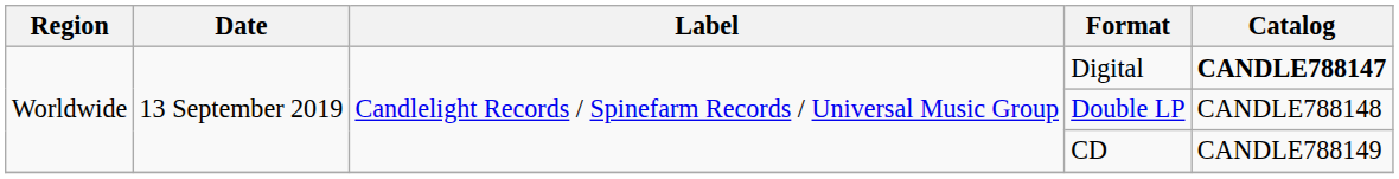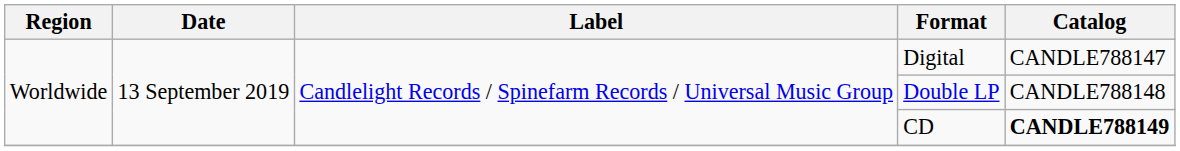 <table class="wikitable" summary="Sunless has been released several times since 2019, across a variety of media and markets">
 <tr>
 <th scope="col">Region</th>
 <th scope="col">Date</th>
 <th scope="col">Label</th>
 <th scope="col">Format</th>
 <th scope="col">Catalog</th>
 </tr>
 <tr>
 <td rowspan="3">Worldwide</td>
 <td rowspan="3">13 September 2019</td>
 <td rowspan="3"><a href='#'>Candlelight Records</a> / <a href='#'>Spinefarm Records</a> / <a href='#'>Universal Music Group</a></td>
 <td>Digital</td>
-<td><strong>CANDLE788147</strong></td>
+<td>CANDLE788147</td>
 </tr>
 <tr>
 <td><a href='#'>Double LP</a></td>
 <td>CANDLE788148</td>
 </tr>
 <tr>
 <td>CD</td>
-<td>CANDLE788149</td>
+<td><strong>CANDLE788149</strong></td>
 </tr>
 <tr>
 </tr>
 </table>
